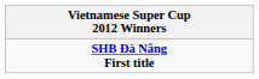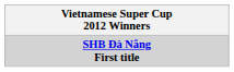 <table class="wikitable" style="text-align: center; margin: 0 auto; width: 20%">
 <tr>
 <th>Vietnamese Super Cup<br>2012 Winners</th>
 </tr>
 <tr>
-<td><strong><a href='#'>SHB Đà Nẵng</a></strong><br><strong>First title</strong></td>
+<td style="background: lightgrey;"><strong><a href='#'>SHB Đà Nẵng</a></strong><br><strong>First title</strong></td>
 </tr>
 </table>
